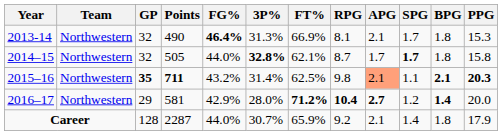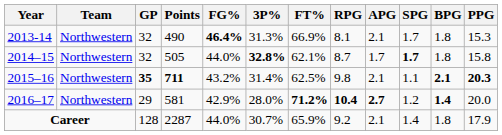 <table class="wikitable">
 <tr>
 <th>Year</th>
 <th>Team</th>
 <th>GP</th>
 <th>Points</th>
 <th>FG%</th>
 <th>3P%</th>
 <th>FT%</th>
 <th>RPG</th>
 <th>APG</th>
 <th>SPG</th>
 <th>BPG</th>
 <th>PPG</th>
 </tr>
 <tr>
 <td><a href='#'>2013-14</a></td>
 <td><a href='#'>Northwestern</a></td>
 <td>32</td>
 <td>490</td>
 <td><strong>46.4%</strong></td>
 <td>31.3%</td>
 <td>66.9%</td>
 <td>8.1</td>
 <td>2.1</td>
 <td>1.7</td>
 <td>1.8</td>
 <td>15.3</td>
 </tr>
 <tr>
 <td><a href='#'>2014–15</a></td>
 <td><a href='#'>Northwestern</a></td>
 <td>32</td>
 <td>505</td>
 <td>44.0%</td>
 <td><strong>32.8%</strong></td>
 <td>62.1%</td>
 <td>8.7</td>
 <td>1.7</td>
 <td><strong>1.7</strong></td>
 <td>1.8</td>
 <td>15.8</td>
 </tr>
 <tr>
 <td><a href='#'>2015–16</a></td>
 <td><a href='#'>Northwestern</a></td>
 <td><strong>35</strong></td>
 <td><strong>711</strong></td>
 <td>43.2%</td>
 <td>31.4%</td>
 <td>62.5%</td>
 <td>9.8</td>
-<td style="background: lightsalmon;">2.1</td>
+<td>2.1</td>
 <td>1.1</td>
 <td><strong>2.1</strong></td>
 <td><strong>20.3</strong></td>
 </tr>
 <tr>
 <td><a href='#'>2016–17</a></td>
 <td><a href='#'>Northwestern</a></td>
 <td>29</td>
 <td>581</td>
 <td>42.9%</td>
 <td>28.0%</td>
 <td><strong>71.2%</strong></td>
 <td><strong>10.4</strong></td>
 <td><strong>2.7</strong></td>
 <td>1.2</td>
 <td><strong>1.4</strong></td>
 <td>20.0</td>
 </tr>
 <tr>
 <td colspan=2 align="center"><strong>Career</strong></td>
 <td>128</td>
 <td>2287</td>
 <td>44.0%</td>
 <td>30.7%</td>
 <td>65.9%</td>
 <td>9.2</td>
 <td>2.1</td>
 <td>1.4</td>
 <td>1.8</td>
 <td>17.9</td>
 </tr>
 </table>
